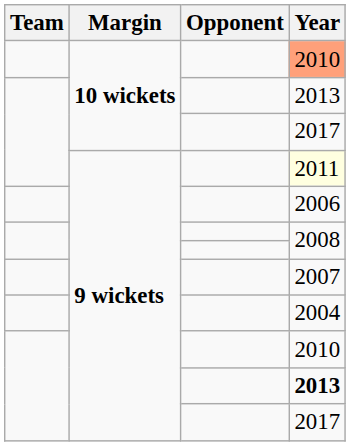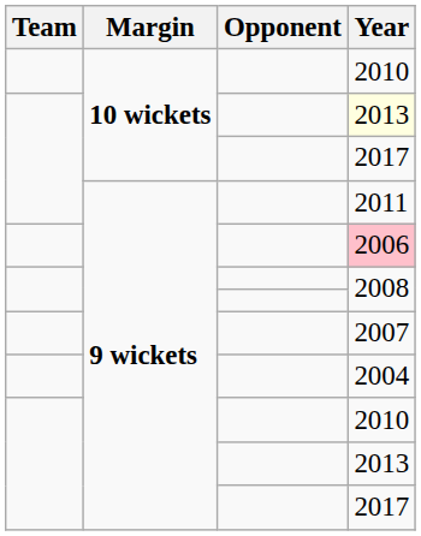 <table class="wikitable">
 <tr>
 <th>Team</th>
 <th>Margin</th>
 <th>Opponent</th>
 <th>Year</th>
 </tr>
 <tr>
 <td></td>
 <td rowspan=3><strong>10 wickets</strong></td>
 <td></td>
-<td style="background: lightsalmon;">2010</td>
+<td>2010</td>
 </tr>
 <tr>
 <td rowspan=3></td>
 <td></td>
-<td>2013</td>
+<td style="background: lightyellow;">2013</td>
 </tr>
 <tr>
 <td></td>
 <td>2017</td>
 </tr>
 <tr>
 <td rowspan=9><strong>9 wickets</strong></td>
 <td></td>
-<td style="background: lightyellow;">2011</td>
+<td>2011</td>
 </tr>
 <tr>
 <td></td>
 <td></td>
-<td>2006</td>
+<td style="background: pink;">2006</td>
 </tr>
 <tr>
 <td rowspan=2></td>
 <td></td>
 <td rowspan=2>2008</td>
 </tr>
 <tr>
 <td></td>
 </tr>
 <tr>
 <td></td>
 <td></td>
 <td>2007</td>
 </tr>
 <tr>
 <td></td>
 <td></td>
 <td>2004</td>
 </tr>
 <tr>
 <td rowspan=3></td>
 <td></td>
 <td>2010</td>
 </tr>
 <tr>
 <td></td>
-<td><strong>2013</strong></td>
+<td>2013</td>
 </tr>
 <tr>
 <td></td>
 <td>2017</td>
 </tr>
 </table>
